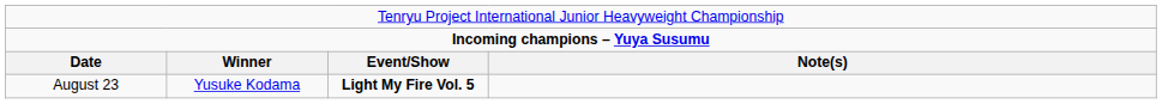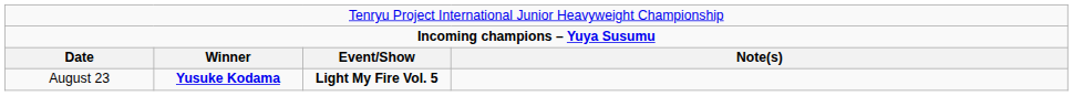 <table class="wikitable" style="text-align:center; width:100%;">
 <tr>
 <td colspan="4" style="text-align: center;"><a href='#'>Tenryu Project International Junior Heavyweight Championship</a></td>
 </tr>
 <tr>
 <td colspan="4" style="text-align: center;"><strong>Incoming champions – <a href='#'>Yuya Susumu</a></strong></td>
 </tr>
 <tr>
 <th width=14%>Date</th>
 <th width=14%>Winner</th>
 <th width=14%>Event/Show</th>
 <th width=58%>Note(s)</th>
 </tr>
 <tr>
 <td>August 23</td>
-<td><a href='#'>Yusuke Kodama</a></td>
+<td><strong><a href='#'>Yusuke Kodama</a></strong></td>
 <td><strong>Light My Fire Vol. 5</strong></td>
 <td></td>
 </tr>
 </table>
